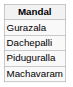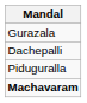 <table class="wikitable sortable static-row-numbers static-row-header-hash">
 <tr>
 <th>Mandal</th>
 </tr>
 <tr>
 <td>Gurazala</td>
 </tr>
 <tr>
 <td>Dachepalli</td>
 </tr>
 <tr>
 <td>Piduguralla</td>
 </tr>
 <tr>
-<td>Machavaram</td>
+<td><strong>Machavaram</strong></td>
 </tr>
 </table>
